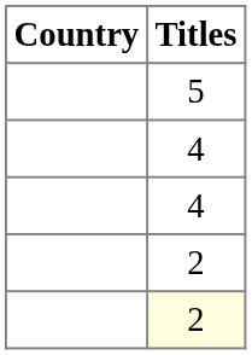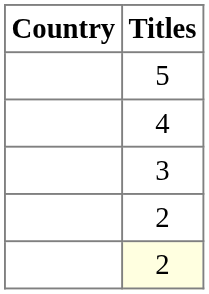 <table class="toccolours sortable" border="1" cellpadding="3" style="font-size:95%; border-collapse:collapse;">
 <tr>
 <th>Country</th>
 <th>Titles</th>
 </tr>
 <tr>
 <td></td>
 <td align="center">5</td>
 </tr>
 <tr>
 <td></td>
 <td align="center">4</td>
 </tr>
 <tr>
 <td></td>
-<td align="center">4</td>
+<td align="center">3</td>
 </tr>
 <tr>
 <td></td>
 <td align="center">2</td>
 </tr>
 <tr>
 <td></td>
 <td align="center" style="background: lightyellow;">2</td>
 </tr>
 </table>
